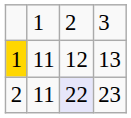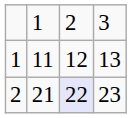 <table class="wikitable" style="float:right; center; margin: 0px; margin-top: 5px">
 <tr>
 <td></td>
 <td>1</td>
 <td>2</td>
 <td>3</td>
 </tr>
 <tr>
-<td style="background: gold;">1</td>
+<td>1</td>
 <td>11</td>
 <td>12</td>
 <td>13</td>
 </tr>
 <tr>
 <td>2</td>
-<td>11</td>
+<td>21</td>
 <td style="background: lavender;">22</td>
 <td>23</td>
 </tr>
 </table>
